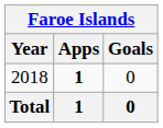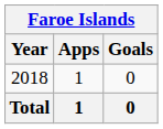 <table class="wikitable" style="text-align:center">
 <tr>
 <th colspan=3><a href='#'>Faroe Islands</a></th>
 </tr>
 <tr>
 <th>Year</th>
 <th>Apps</th>
 <th>Goals</th>
 </tr>
 <tr>
 <td>2018</td>
-<td><strong>1</strong></td>
+<td>1</td>
 <td>0</td>
 </tr>
 <tr>
 <th>Total</th>
 <th>1</th>
 <th>0</th>
 </tr>
 </table>
